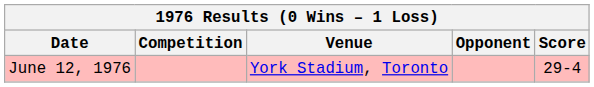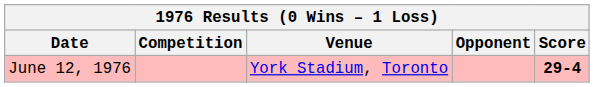 <table class="wikitable sortable">
 <tr>
 <th colspan="5"><strong>1976 Results (0 Wins – 1 Loss)</strong></th>
 </tr>
 <tr>
 <th>Date</th>
 <th>Competition</th>
 <th>Venue</th>
 <th>Opponent</th>
 <th>Score</th>
 </tr>
 <tr style="background:#fbb;">
 <td align=center>June 12, 1976</td>
 <td align=center></td>
 <td align=center><a href='#'>York Stadium</a>, <a href='#'>Toronto</a></td>
 <td></td>
-<td align=center>29-4</td>
+<td align=center><strong>29-4</strong></td>
 </tr>
 </table>
